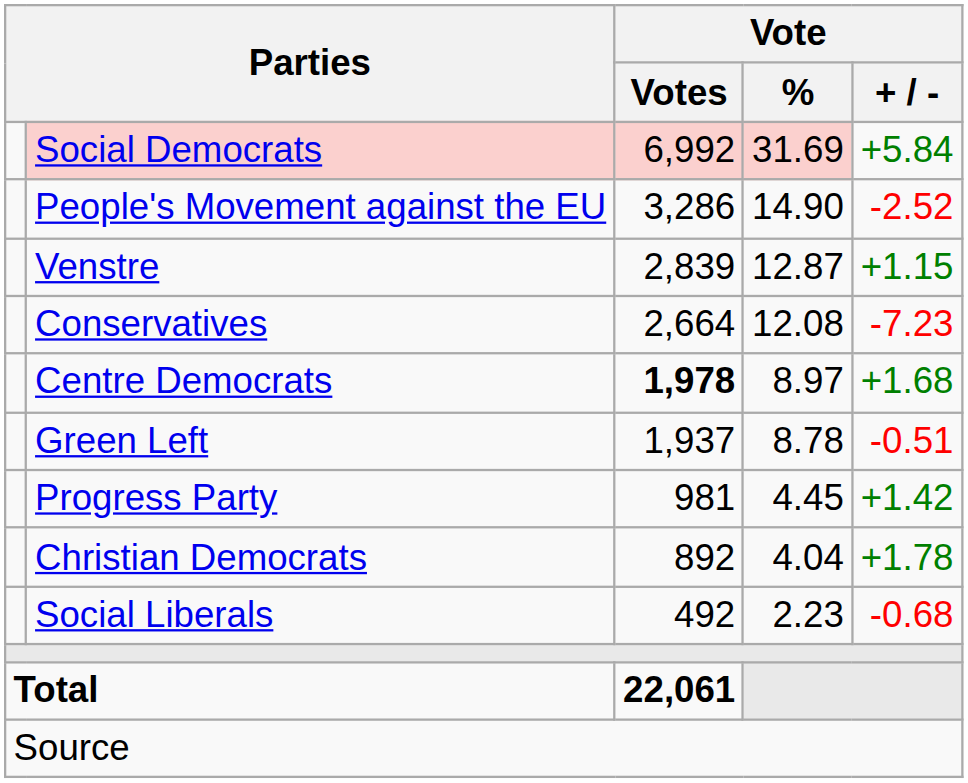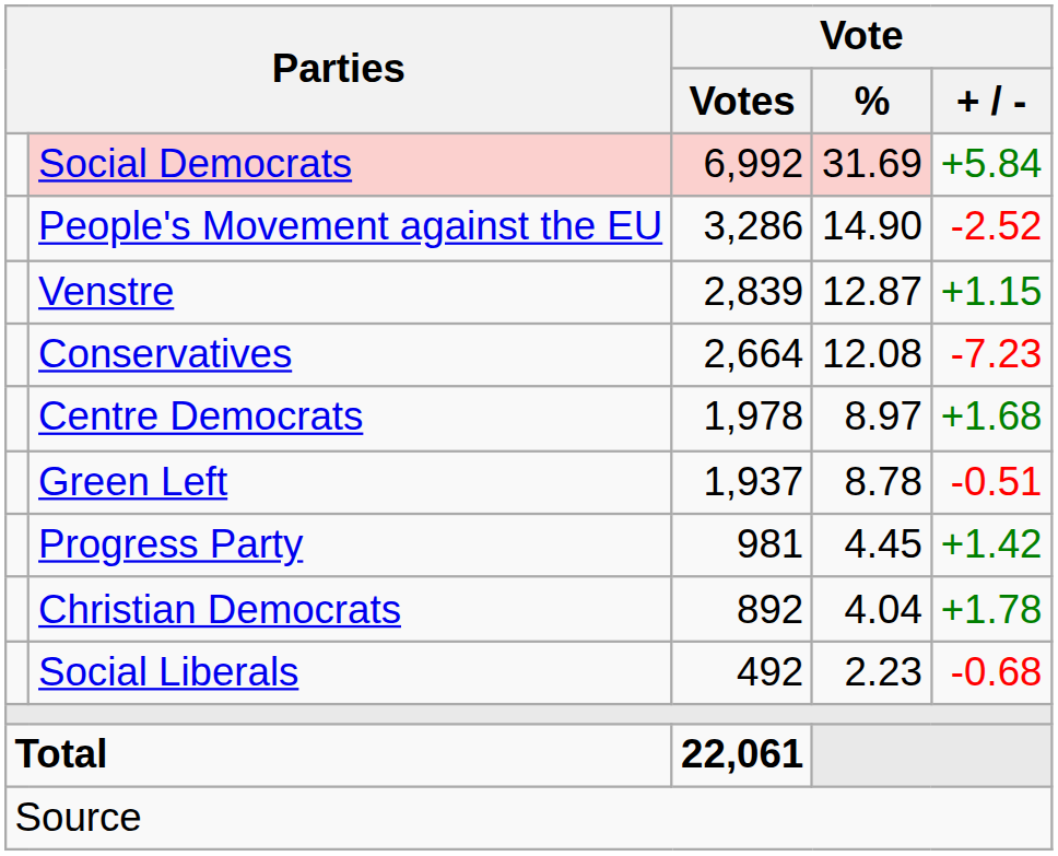 <table class="wikitable" style="text-align:right;">
 <tr>
 <th style="text-align:centre;" rowspan="2" colspan="2" width="225">Parties</th>
 <th colspan="3">Vote</th>
 </tr>
 <tr>
 <th width="15">Votes</th>
 <th width="15">%</th>
 <th width="15">+ / -</th>
 </tr>
 <tr>
 <td width="2" style="color:inherit;background:"></td>
 <td bgcolor=#fbd0ce   align="left"><a href='#'>Social Democrats</a></td>
 <td bgcolor=#fbd0ce>6,992</td>
 <td bgcolor=#fbd0ce>31.69</td>
 <td style=color:green;>+5.84</td>
 </tr>
 <tr>
 <td width="2" style="color:inherit;background:"></td>
 <td align="left"><a href='#'>People's Movement against the EU</a></td>
 <td>3,286</td>
 <td>14.90</td>
 <td style=color:red;>-2.52</td>
 </tr>
 <tr>
 <td width="2" style="color:inherit;background:"></td>
 <td align="left"><a href='#'>Venstre</a></td>
 <td>2,839</td>
 <td>12.87</td>
 <td style=color:green;>+1.15</td>
 </tr>
 <tr>
 <td width="2" style="color:inherit;background:"></td>
 <td align="left"><a href='#'>Conservatives</a></td>
 <td>2,664</td>
 <td>12.08</td>
 <td style=color:red;>-7.23</td>
 </tr>
 <tr>
 <td width="2" style="color:inherit;background:"></td>
 <td align="left"><a href='#'>Centre Democrats</a></td>
-<td><strong>1,978</strong></td>
+<td>1,978</td>
 <td>8.97</td>
 <td style=color:green;>+1.68</td>
 </tr>
 <tr>
 <td width="2" style="color:inherit;background:"></td>
 <td align="left"><a href='#'>Green Left</a></td>
 <td>1,937</td>
 <td>8.78</td>
 <td style=color:red;>-0.51</td>
 </tr>
 <tr>
 <td width="2" style="color:inherit;background:"></td>
 <td align="left"><a href='#'>Progress Party</a></td>
 <td>981</td>
 <td>4.45</td>
 <td style=color:green;>+1.42</td>
 </tr>
 <tr>
 <td width="2" style="color:inherit;background:"></td>
 <td align="left"><a href='#'>Christian Democrats</a></td>
 <td>892</td>
 <td>4.04</td>
 <td style=color:green;>+1.78</td>
 </tr>
 <tr>
 <td width="2" style="color:inherit;background:"></td>
 <td align="left"><a href='#'>Social Liberals</a></td>
 <td>492</td>
 <td>2.23</td>
 <td style=color:red;>-0.68</td>
 </tr>
 <tr>
 <td colspan="7" bgcolor="#E9E9E9"></td>
 </tr>
 <tr>
 <td align="left" colspan="2"><strong>Total</strong></td>
 <td><strong>22,061</strong></td>
 <td bgcolor="#E9E9E9" colspan="2"></td>
 </tr>
 <tr>
 <td align="left" colspan="6">Source</td>
 </tr>
 </table>
